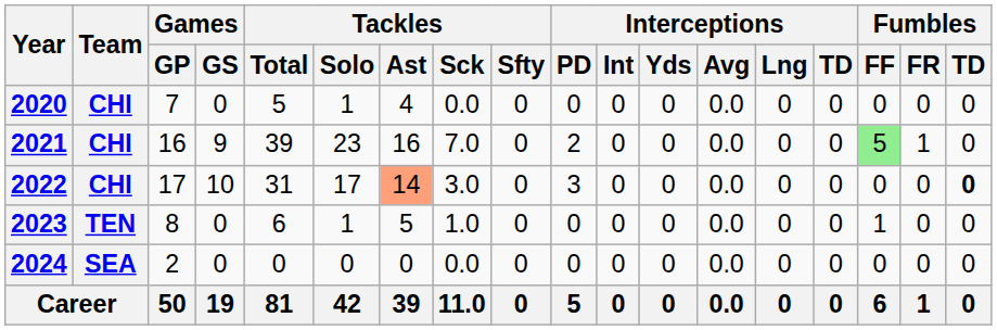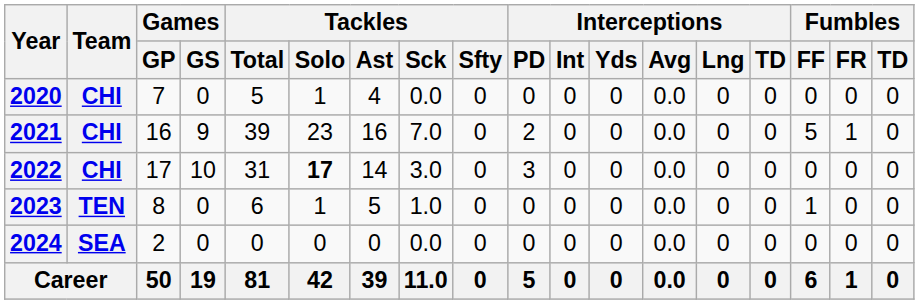 <table class="wikitable" style="text-align:center;">
 <tr>
 <th rowspan="2">Year</th>
 <th rowspan="2">Team</th>
 <th colspan="2">Games</th>
 <th colspan="5">Tackles</th>
 <th colspan="6">Interceptions</th>
 <th colspan="3">Fumbles</th>
 </tr>
 <tr>
 <th>GP</th>
 <th>GS</th>
 <th>Total</th>
 <th>Solo</th>
 <th>Ast</th>
 <th>Sck</th>
 <th>Sfty</th>
 <th>PD</th>
 <th>Int</th>
 <th>Yds</th>
 <th>Avg</th>
 <th>Lng</th>
 <th>TD</th>
 <th>FF</th>
 <th>FR</th>
 <th>TD</th>
 </tr>
 <tr>
 <th><a href='#'>2020</a></th>
 <th><a href='#'>CHI</a></th>
 <td>7</td>
 <td>0</td>
 <td>5</td>
 <td>1</td>
 <td>4</td>
 <td>0.0</td>
 <td>0</td>
 <td>0</td>
 <td>0</td>
 <td>0</td>
 <td>0.0</td>
 <td>0</td>
 <td>0</td>
 <td>0</td>
 <td>0</td>
 <td>0</td>
 </tr>
 <tr>
 <th><a href='#'>2021</a></th>
 <th><a href='#'>CHI</a></th>
 <td>16</td>
 <td>9</td>
 <td>39</td>
 <td>23</td>
 <td>16</td>
 <td>7.0</td>
 <td>0</td>
 <td>2</td>
 <td>0</td>
 <td>0</td>
 <td>0.0</td>
 <td>0</td>
 <td>0</td>
-<td style="background: lightgreen;">5</td>
+<td>5</td>
 <td>1</td>
 <td>0</td>
 </tr>
 <tr>
 <th><a href='#'>2022</a></th>
 <th><a href='#'>CHI</a></th>
 <td>17</td>
 <td>10</td>
 <td>31</td>
-<td>17</td>
-<td style="background: lightsalmon;">14</td>
+<td><strong>17</strong></td>
+<td>14</td>
 <td>3.0</td>
 <td>0</td>
 <td>3</td>
 <td>0</td>
 <td>0</td>
 <td>0.0</td>
 <td>0</td>
 <td>0</td>
 <td>0</td>
 <td>0</td>
-<td><strong>0</strong></td>
+<td>0</td>
 </tr>
 <tr>
 <th><a href='#'>2023</a></th>
 <th><a href='#'>TEN</a></th>
 <td>8</td>
 <td>0</td>
 <td>6</td>
 <td>1</td>
 <td>5</td>
 <td>1.0</td>
 <td>0</td>
 <td>0</td>
 <td>0</td>
 <td>0</td>
 <td>0.0</td>
 <td>0</td>
 <td>0</td>
 <td>1</td>
 <td>0</td>
 <td>0</td>
 </tr>
 <tr>
 <th><a href='#'>2024</a></th>
 <th><a href='#'>SEA</a></th>
 <td>2</td>
 <td>0</td>
 <td>0</td>
 <td>0</td>
 <td>0</td>
 <td>0.0</td>
 <td>0</td>
 <td>0</td>
 <td>0</td>
 <td>0</td>
 <td>0.0</td>
 <td>0</td>
 <td>0</td>
 <td>0</td>
 <td>0</td>
 <td>0</td>
 </tr>
 <tr>
 <th colspan="2">Career</th>
 <th>50</th>
 <th>19</th>
 <th>81</th>
 <th>42</th>
 <th>39</th>
 <th>11.0</th>
 <th>0</th>
 <th>5</th>
 <th>0</th>
 <th>0</th>
 <th>0.0</th>
 <th>0</th>
 <th>0</th>
 <th>6</th>
 <th>1</th>
 <th>0</th>
 </tr>
 </table>
